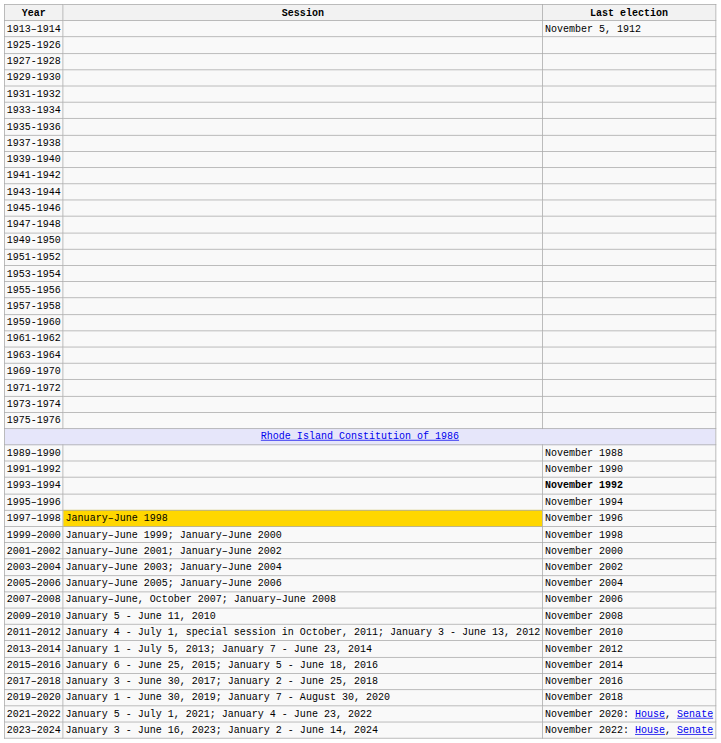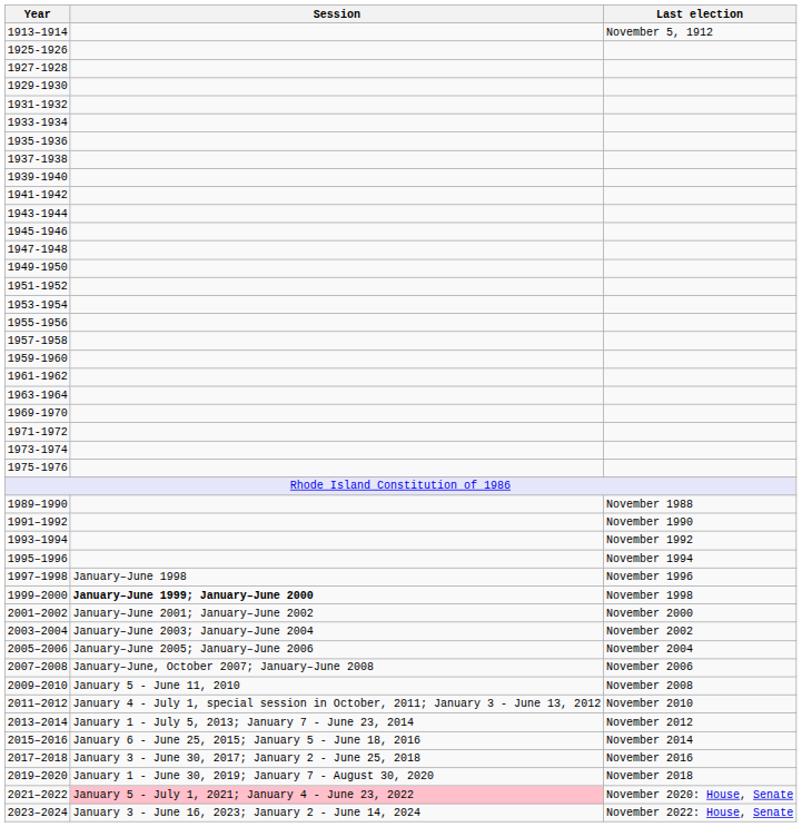 <table class="wikitable mw-datatable sticky-header">
 <tr>
 <th>Year</th>
 <th>Session</th>
 <th>Last election</th>
 </tr>
 <tr>
 <td>1913–1914</td>
 <td></td>
 <td>November 5, 1912</td>
 </tr>
 <tr>
 <td>1925-1926</td>
 <td></td>
 <td></td>
 </tr>
 <tr>
 <td>1927-1928</td>
 <td></td>
 <td></td>
 </tr>
 <tr>
 <td>1929-1930</td>
 <td></td>
 <td></td>
 </tr>
 <tr>
 <td>1931-1932</td>
 <td></td>
 <td></td>
 </tr>
 <tr>
 <td>1933-1934</td>
 <td></td>
 <td></td>
 </tr>
 <tr>
 <td>1935-1936</td>
 <td></td>
 <td></td>
 </tr>
 <tr>
 <td>1937-1938</td>
 <td></td>
 <td></td>
 </tr>
 <tr>
 <td>1939-1940</td>
 <td></td>
 <td></td>
 </tr>
 <tr>
 <td>1941-1942</td>
 <td></td>
 <td></td>
 </tr>
 <tr>
 <td>1943-1944</td>
 <td></td>
 <td></td>
 </tr>
 <tr>
 <td>1945-1946</td>
 <td></td>
 <td></td>
 </tr>
 <tr>
 <td>1947-1948</td>
 <td></td>
 <td></td>
 </tr>
 <tr>
 <td>1949-1950</td>
 <td></td>
 <td></td>
 </tr>
 <tr>
 <td>1951-1952</td>
 <td></td>
 <td></td>
 </tr>
 <tr>
 <td>1953-1954</td>
 <td></td>
 <td></td>
 </tr>
 <tr>
 <td>1955-1956</td>
 <td></td>
 <td></td>
 </tr>
 <tr>
 <td>1957-1958</td>
 <td></td>
 <td></td>
 </tr>
 <tr>
 <td>1959-1960</td>
 <td></td>
 <td></td>
 </tr>
 <tr>
 <td>1961-1962</td>
 <td></td>
 <td></td>
 </tr>
 <tr>
 <td>1963-1964</td>
 <td></td>
 <td></td>
 </tr>
 <tr>
 <td>1969-1970</td>
 <td></td>
 <td></td>
 </tr>
 <tr>
 <td>1971-1972</td>
 <td></td>
 <td></td>
 </tr>
 <tr>
 <td>1973-1974</td>
 <td></td>
 <td></td>
 </tr>
 <tr>
 <td>1975-1976</td>
 <td></td>
 <td></td>
 </tr>
 <tr>
 <td colspan=3 style="text-align: center; background-color:#E6E6FA;"><a href='#'>Rhode Island Constitution of 1986</a> </td>
 </tr>
 <tr>
 <td>1989–1990</td>
 <td></td>
 <td>November 1988</td>
 </tr>
 <tr>
 <td>1991–1992</td>
 <td></td>
 <td>November 1990</td>
 </tr>
 <tr>
 <td>1993–1994</td>
 <td></td>
-<td><strong>November 1992</strong></td>
+<td>November 1992</td>
 </tr>
 <tr>
 <td>1995–1996</td>
 <td></td>
 <td>November 1994</td>
 </tr>
 <tr>
 <td>1997–1998</td>
-<td style="background: gold;">January–June 1998</td>
+<td>January–June 1998</td>
 <td>November 1996</td>
 </tr>
 <tr>
 <td>1999–2000</td>
-<td>January–June 1999; January–June 2000</td>
+<td><strong>January–June 1999; January–June 2000</strong></td>
 <td>November 1998</td>
 </tr>
 <tr>
 <td>2001–2002</td>
 <td>January–June 2001; January–June 2002</td>
 <td>November 2000</td>
 </tr>
 <tr>
 <td>2003–2004</td>
 <td>January–June 2003; January–June 2004</td>
 <td>November 2002</td>
 </tr>
 <tr>
 <td>2005–2006</td>
 <td>January–June 2005; January–June 2006</td>
 <td>November 2004</td>
 </tr>
 <tr>
 <td>2007–2008</td>
 <td>January–June, October 2007; January–June 2008</td>
 <td>November 2006</td>
 </tr>
 <tr>
 <td>2009–2010</td>
 <td>January 5 - June 11, 2010</td>
 <td>November 2008</td>
 </tr>
 <tr>
 <td>2011–2012</td>
 <td>January 4 - July 1, special session in October, 2011; January 3 - June 13, 2012</td>
 <td>November 2010</td>
 </tr>
 <tr>
 <td>2013–2014</td>
 <td>January 1 - July 5, 2013; January 7 - June 23, 2014</td>
 <td>November 2012</td>
 </tr>
 <tr>
 <td>2015–2016</td>
 <td>January 6 - June 25, 2015; January 5 - June 18, 2016</td>
 <td>November 2014</td>
 </tr>
 <tr>
 <td>2017–2018</td>
 <td>January 3 - June 30, 2017; January 2 - June 25, 2018</td>
 <td>November 2016</td>
 </tr>
 <tr>
 <td>2019–2020</td>
 <td>January 1 - June 30, 2019; January 7 - August 30, 2020</td>
 <td>November 2018</td>
 </tr>
 <tr>
 <td>2021–2022</td>
-<td>January 5 - July 1, 2021; January 4 - June 23, 2022</td>
+<td style="background: pink;">January 5 - July 1, 2021; January 4 - June 23, 2022</td>
 <td>November 2020: <a href='#'>House</a>, <a href='#'>Senate</a></td>
 </tr>
 <tr>
 <td>2023–2024</td>
 <td>January 3 - June 16, 2023; January 2 - June 14, 2024</td>
 <td>November 2022: <a href='#'>House</a>, <a href='#'>Senate</a></td>
 </tr>
 </table>
